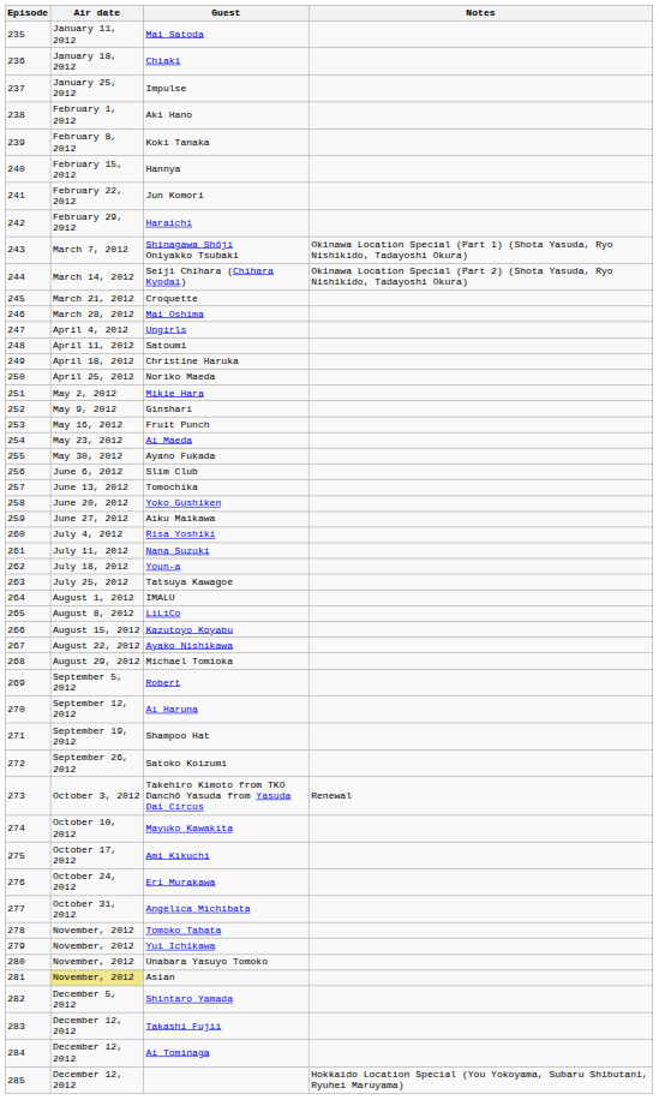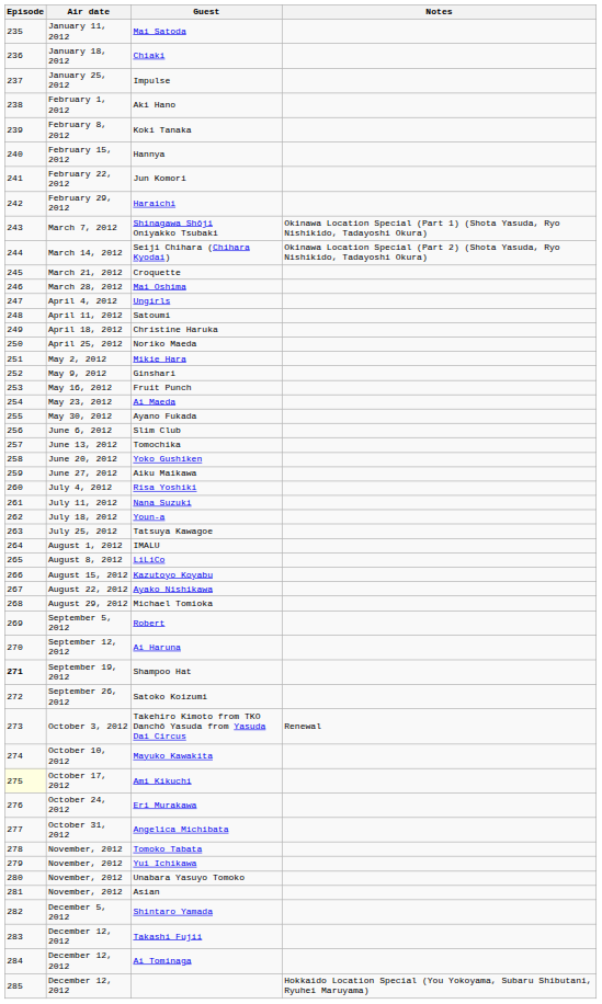 <table class="wikitable">
 <tr>
 <th>Episode</th>
 <th>Air date</th>
 <th>Guest</th>
 <th>Notes</th>
 </tr>
 <tr>
 <td>235</td>
 <td>January 11, 2012</td>
 <td><a href='#'>Mai Satoda</a></td>
 <td></td>
 </tr>
 <tr>
 <td>236</td>
 <td>January 18, 2012</td>
 <td><a href='#'>Chiaki</a></td>
 <td></td>
 </tr>
 <tr>
 <td>237</td>
 <td>January 25, 2012</td>
 <td>Impulse</td>
 <td></td>
 </tr>
 <tr>
 <td>238</td>
 <td>February 1, 2012</td>
 <td>Aki Hano</td>
 <td></td>
 </tr>
 <tr>
 <td>239</td>
 <td>February 8, 2012</td>
 <td>Koki Tanaka</td>
 <td></td>
 </tr>
 <tr>
 <td>240</td>
 <td>February 15, 2012</td>
 <td>Hannya</td>
 <td></td>
 </tr>
 <tr>
 <td>241</td>
 <td>February 22, 2012</td>
 <td>Jun Komori</td>
 <td></td>
 </tr>
 <tr>
 <td>242</td>
 <td>February 29, 2012</td>
 <td><a href='#'>Haraichi</a></td>
 <td></td>
 </tr>
 <tr>
 <td>243</td>
 <td>March 7, 2012</td>
 <td><a href='#'>Shinagawa Shōji</a><br>Oniyakko Tsubaki</td>
 <td>Okinawa Location Special (Part 1) (Shota Yasuda, Ryo Nishikido, Tadayoshi Okura)</td>
 </tr>
 <tr>
 <td>244</td>
 <td>March 14, 2012</td>
 <td>Seiji Chihara (<a href='#'>Chihara Kyodai</a>)</td>
 <td>Okinawa Location Special (Part 2) (Shota Yasuda, Ryo Nishikido, Tadayoshi Okura)</td>
 </tr>
 <tr>
 <td>245</td>
 <td>March 21, 2012</td>
 <td>Croquette</td>
 <td></td>
 </tr>
 <tr>
 <td>246</td>
 <td>March 28, 2012</td>
 <td><a href='#'>Mai Oshima</a></td>
 <td></td>
 </tr>
 <tr>
 <td>247</td>
 <td>April 4, 2012</td>
 <td><a href='#'>Ungirls</a></td>
 <td></td>
 </tr>
 <tr>
 <td>248</td>
 <td>April 11, 2012</td>
 <td>Satoumi</td>
 <td></td>
 </tr>
 <tr>
 <td>249</td>
 <td>April 18, 2012</td>
 <td>Christine Haruka</td>
 <td></td>
 </tr>
 <tr>
 <td>250</td>
 <td>April 25, 2012</td>
 <td>Noriko Maeda</td>
 <td></td>
 </tr>
 <tr>
 <td>251</td>
 <td>May 2, 2012</td>
 <td><a href='#'>Mikie Hara</a></td>
 <td></td>
 </tr>
 <tr>
 <td>252</td>
 <td>May 9, 2012</td>
 <td>Ginshari</td>
 <td></td>
 </tr>
 <tr>
 <td>253</td>
 <td>May 16, 2012</td>
 <td>Fruit Punch</td>
 <td></td>
 </tr>
 <tr>
 <td>254</td>
 <td>May 23, 2012</td>
 <td><a href='#'>Ai Maeda</a></td>
 <td></td>
 </tr>
 <tr>
 <td>255</td>
 <td>May 30, 2012</td>
 <td>Ayano Fukada</td>
 <td></td>
 </tr>
 <tr>
 <td>256</td>
 <td>June 6, 2012</td>
 <td>Slim Club</td>
 <td></td>
 </tr>
 <tr>
 <td>257</td>
 <td>June 13, 2012</td>
 <td>Tomochika</td>
 <td></td>
 </tr>
 <tr>
 <td>258</td>
 <td>June 20, 2012</td>
 <td><a href='#'>Yoko Gushiken</a></td>
 <td></td>
 </tr>
 <tr>
 <td>259</td>
 <td>June 27, 2012</td>
 <td>Aiku Maikawa</td>
 <td></td>
 </tr>
 <tr>
 <td>260</td>
 <td>July 4, 2012</td>
 <td><a href='#'>Risa Yoshiki</a></td>
 <td></td>
 </tr>
 <tr>
 <td>261</td>
 <td>July 11, 2012</td>
 <td><a href='#'>Nana Suzuki</a></td>
 <td></td>
 </tr>
 <tr>
 <td>262</td>
 <td>July 18, 2012</td>
 <td><a href='#'>Youn-a</a></td>
 <td></td>
 </tr>
 <tr>
 <td>263</td>
 <td>July 25, 2012</td>
 <td>Tatsuya Kawagoe</td>
 <td></td>
 </tr>
 <tr>
 <td>264</td>
 <td>August 1, 2012</td>
 <td>IMALU</td>
 <td></td>
 </tr>
 <tr>
 <td>265</td>
 <td>August 8, 2012</td>
 <td><a href='#'>LiLiCo</a></td>
 <td></td>
 </tr>
 <tr>
 <td>266</td>
 <td>August 15, 2012</td>
 <td><a href='#'>Kazutoyo Koyabu</a></td>
 <td></td>
 </tr>
 <tr>
 <td>267</td>
 <td>August 22, 2012</td>
 <td><a href='#'>Ayako Nishikawa</a></td>
 <td></td>
 </tr>
 <tr>
 <td>268</td>
 <td>August 29, 2012</td>
 <td>Michael Tomioka</td>
 <td></td>
 </tr>
 <tr>
 <td>269</td>
 <td>September 5, 2012</td>
 <td><a href='#'>Robert</a></td>
 <td></td>
 </tr>
 <tr>
 <td>270</td>
 <td>September 12, 2012</td>
 <td><a href='#'>Ai Haruna</a></td>
 <td></td>
 </tr>
 <tr>
-<td>271</td>
+<td><strong>271</strong></td>
 <td>September 19, 2012</td>
 <td>Shampoo Hat</td>
 <td></td>
 </tr>
 <tr>
 <td>272</td>
 <td>September 26, 2012</td>
 <td>Satoko Koizumi</td>
 <td></td>
 </tr>
 <tr>
 <td>273</td>
 <td>October 3, 2012</td>
 <td>Takehiro Kimoto from TKO<br>Danchō Yasuda from <a href='#'>Yasuda Dai Circus</a></td>
 <td>Renewal</td>
 </tr>
 <tr>
 <td>274</td>
 <td>October 10, 2012</td>
 <td><a href='#'>Mayuko Kawakita</a></td>
 <td></td>
 </tr>
 <tr>
-<td>275</td>
+<td style="background: lightyellow;">275</td>
 <td>October 17, 2012</td>
 <td><a href='#'>Ami Kikuchi</a></td>
 <td></td>
 </tr>
 <tr>
 <td>276</td>
 <td>October 24, 2012</td>
 <td><a href='#'>Eri Murakawa</a></td>
 <td></td>
 </tr>
 <tr>
 <td>277</td>
 <td>October 31, 2012</td>
 <td><a href='#'>Angelica Michibata</a></td>
 <td></td>
 </tr>
 <tr>
 <td>278</td>
 <td>November, 2012</td>
 <td><a href='#'>Tomoko Tabata</a></td>
 <td></td>
 </tr>
 <tr>
 <td>279</td>
 <td>November, 2012</td>
 <td><a href='#'>Yui Ichikawa</a></td>
 <td></td>
 </tr>
 <tr>
 <td>280</td>
 <td>November, 2012</td>
 <td>Unabara Yasuyo Tomoko</td>
 <td></td>
 </tr>
 <tr>
 <td>281</td>
-<td style="background: khaki;">November, 2012</td>
+<td>November, 2012</td>
 <td>Asian</td>
 <td></td>
 </tr>
 <tr>
 <td>282</td>
 <td>December 5, 2012</td>
 <td><a href='#'>Shintaro Yamada</a></td>
 <td></td>
 </tr>
 <tr>
 <td>283</td>
 <td>December 12, 2012</td>
 <td><a href='#'>Takashi Fujii</a></td>
 <td></td>
 </tr>
 <tr>
 <td>284</td>
 <td>December 12, 2012</td>
 <td><a href='#'>Ai Tominaga</a></td>
 <td></td>
 </tr>
 <tr>
 <td>285</td>
 <td>December 12, 2012</td>
 <td></td>
 <td>Hokkaido Location Special (You Yokoyama, Subaru Shibutani, Ryuhei Maruyama)</td>
 </tr>
 </table>
